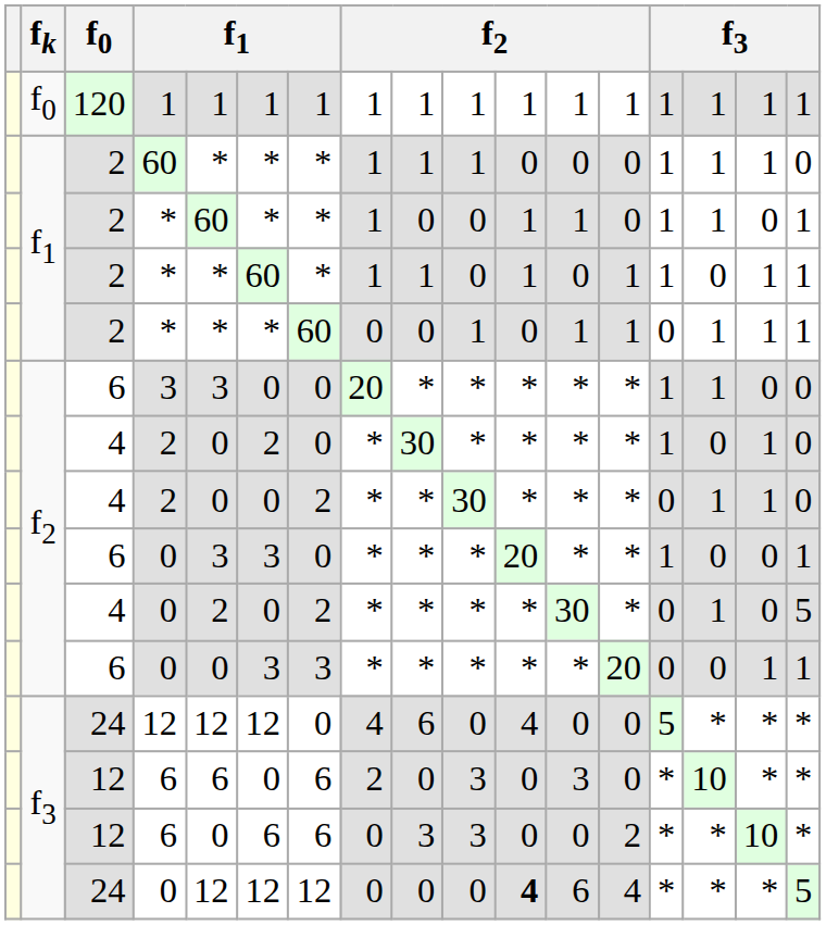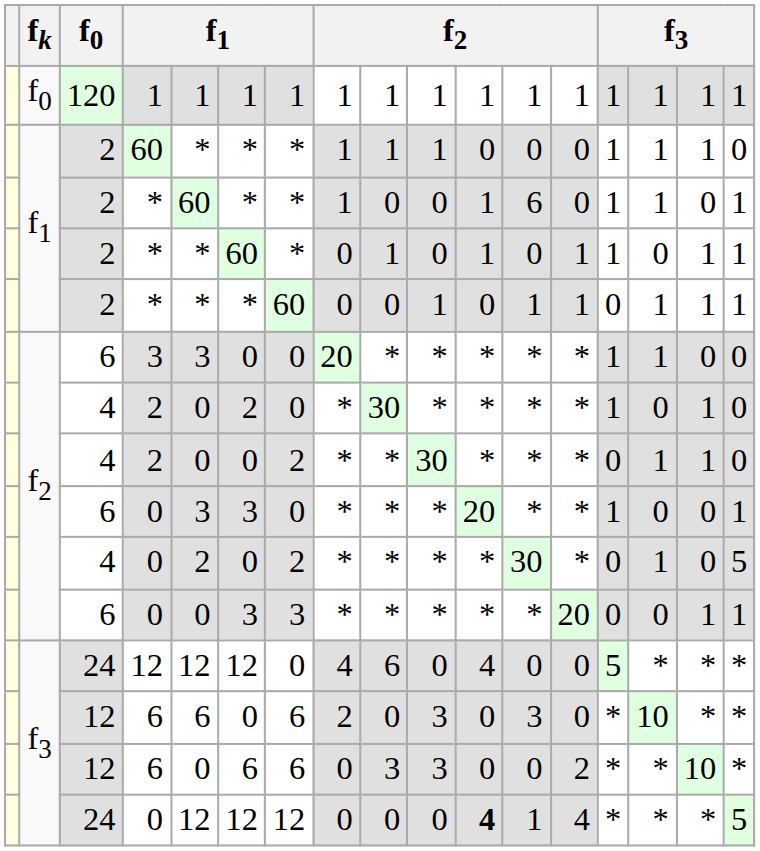 <table class=wikitable>
 <tr>
 <th></th>
 <th>f<sub><em>k</em></sub></th>
 <th>f<sub>0</sub></th>
 <th colspan=4>f<sub>1</sub></th>
 <th colspan=6>f<sub>2</sub></th>
 <th colspan=4>f<sub>3</sub></th>
 </tr>
 <tr align=right>
 <td align=left bgcolor=#ffffe0></td>
 <td rowspan=1>f<sub>0</sub></td>
 <td bgcolor=#e0ffe0>120</td>
 <td bgcolor=#e0e0e0>1</td>
 <td bgcolor=#e0e0e0>1</td>
 <td bgcolor=#e0e0e0>1</td>
 <td bgcolor=#e0e0e0>1</td>
 <td bgcolor=#ffffff>1</td>
 <td bgcolor=#ffffff>1</td>
 <td bgcolor=#ffffff>1</td>
 <td bgcolor=#ffffff>1</td>
 <td bgcolor=#ffffff>1</td>
 <td bgcolor=#ffffff>1</td>
 <td bgcolor=#e0e0e0>1</td>
 <td bgcolor=#e0e0e0>1</td>
 <td bgcolor=#e0e0e0>1</td>
 <td bgcolor=#e0e0e0>1</td>
 </tr>
 <tr align=right>
 <td align=left bgcolor=#ffffe0></td>
 <td rowspan=4>f<sub>1</sub></td>
 <td bgcolor=#e0e0e0>2</td>
 <td bgcolor=#e0ffe0>60</td>
 <td bgcolor=#ffffff>*</td>
 <td bgcolor=#ffffff>*</td>
 <td bgcolor=#ffffff>*</td>
 <td bgcolor=#e0e0e0>1</td>
 <td bgcolor=#e0e0e0>1</td>
 <td bgcolor=#e0e0e0>1</td>
 <td bgcolor=#e0e0e0>0</td>
 <td bgcolor=#e0e0e0>0</td>
 <td bgcolor=#e0e0e0>0</td>
 <td bgcolor=#ffffff>1</td>
 <td bgcolor=#ffffff>1</td>
 <td bgcolor=#ffffff>1</td>
 <td bgcolor=#ffffff>0</td>
 </tr>
 <tr align=right>
 <td align=left bgcolor=#ffffe0></td>
 <td bgcolor=#e0e0e0>2</td>
 <td bgcolor=#ffffff>*</td>
 <td bgcolor=#e0ffe0>60</td>
 <td bgcolor=#ffffff>*</td>
 <td bgcolor=#ffffff>*</td>
 <td bgcolor=#e0e0e0>1</td>
 <td bgcolor=#e0e0e0>0</td>
 <td bgcolor=#e0e0e0>0</td>
 <td bgcolor=#e0e0e0>1</td>
-<td bgcolor=#e0e0e0>1</td>
+<td bgcolor=#e0e0e0>6</td>
 <td bgcolor=#e0e0e0>0</td>
 <td bgcolor=#ffffff>1</td>
 <td bgcolor=#ffffff>1</td>
 <td bgcolor=#ffffff>0</td>
 <td bgcolor=#ffffff>1</td>
 </tr>
 <tr align=right>
 <td align=left bgcolor=#ffffe0></td>
 <td bgcolor=#e0e0e0>2</td>
 <td bgcolor=#ffffff>*</td>
 <td bgcolor=#ffffff>*</td>
 <td bgcolor=#e0ffe0>60</td>
 <td bgcolor=#ffffff>*</td>
-<td bgcolor=#e0e0e0>1</td>
+<td bgcolor=#e0e0e0>0</td>
 <td bgcolor=#e0e0e0>1</td>
 <td bgcolor=#e0e0e0>0</td>
 <td bgcolor=#e0e0e0>1</td>
 <td bgcolor=#e0e0e0>0</td>
 <td bgcolor=#e0e0e0>1</td>
 <td bgcolor=#ffffff>1</td>
 <td bgcolor=#ffffff>0</td>
 <td bgcolor=#ffffff>1</td>
 <td bgcolor=#ffffff>1</td>
 </tr>
 <tr align=right>
 <td align=left bgcolor=#ffffe0></td>
 <td bgcolor=#e0e0e0>2</td>
 <td bgcolor=#ffffff>*</td>
 <td bgcolor=#ffffff>*</td>
 <td bgcolor=#ffffff>*</td>
 <td bgcolor=#e0ffe0>60</td>
 <td bgcolor=#e0e0e0>0</td>
 <td bgcolor=#e0e0e0>0</td>
 <td bgcolor=#e0e0e0>1</td>
 <td bgcolor=#e0e0e0>0</td>
 <td bgcolor=#e0e0e0>1</td>
 <td bgcolor=#e0e0e0>1</td>
 <td bgcolor=#ffffff>0</td>
 <td bgcolor=#ffffff>1</td>
 <td bgcolor=#ffffff>1</td>
 <td bgcolor=#ffffff>1</td>
 </tr>
 <tr align=right>
 <td align=left bgcolor=#ffffe0></td>
 <td rowspan=6>f<sub>2</sub></td>
 <td bgcolor=#ffffff>6</td>
 <td bgcolor=#e0e0e0>3</td>
 <td bgcolor=#e0e0e0>3</td>
 <td bgcolor=#e0e0e0>0</td>
 <td bgcolor=#e0e0e0>0</td>
 <td bgcolor=#e0ffe0>20</td>
 <td bgcolor=#ffffff>*</td>
 <td bgcolor=#ffffff>*</td>
 <td bgcolor=#ffffff>*</td>
 <td bgcolor=#ffffff>*</td>
 <td bgcolor=#ffffff>*</td>
 <td bgcolor=#e0e0e0>1</td>
 <td bgcolor=#e0e0e0>1</td>
 <td bgcolor=#e0e0e0>0</td>
 <td bgcolor=#e0e0e0>0</td>
 </tr>
 <tr align=right>
 <td align=left bgcolor=#ffffe0></td>
 <td bgcolor=#ffffff>4</td>
 <td bgcolor=#e0e0e0>2</td>
 <td bgcolor=#e0e0e0>0</td>
 <td bgcolor=#e0e0e0>2</td>
 <td bgcolor=#e0e0e0>0</td>
 <td bgcolor=#ffffff>*</td>
 <td bgcolor=#e0ffe0>30</td>
 <td bgcolor=#ffffff>*</td>
 <td bgcolor=#ffffff>*</td>
 <td bgcolor=#ffffff>*</td>
 <td bgcolor=#ffffff>*</td>
 <td bgcolor=#e0e0e0>1</td>
 <td bgcolor=#e0e0e0>0</td>
 <td bgcolor=#e0e0e0>1</td>
 <td bgcolor=#e0e0e0>0</td>
 </tr>
 <tr align=right>
 <td align=left bgcolor=#ffffe0></td>
 <td bgcolor=#ffffff>4</td>
 <td bgcolor=#e0e0e0>2</td>
 <td bgcolor=#e0e0e0>0</td>
 <td bgcolor=#e0e0e0>0</td>
 <td bgcolor=#e0e0e0>2</td>
 <td bgcolor=#ffffff>*</td>
 <td bgcolor=#ffffff>*</td>
 <td bgcolor=#e0ffe0>30</td>
 <td bgcolor=#ffffff>*</td>
 <td bgcolor=#ffffff>*</td>
 <td bgcolor=#ffffff>*</td>
 <td bgcolor=#e0e0e0>0</td>
 <td bgcolor=#e0e0e0>1</td>
 <td bgcolor=#e0e0e0>1</td>
 <td bgcolor=#e0e0e0>0</td>
 </tr>
 <tr align=right>
 <td align=left bgcolor=#ffffe0></td>
 <td bgcolor=#ffffff>6</td>
 <td bgcolor=#e0e0e0>0</td>
 <td bgcolor=#e0e0e0>3</td>
 <td bgcolor=#e0e0e0>3</td>
 <td bgcolor=#e0e0e0>0</td>
 <td bgcolor=#ffffff>*</td>
 <td bgcolor=#ffffff>*</td>
 <td bgcolor=#ffffff>*</td>
 <td bgcolor=#e0ffe0>20</td>
 <td bgcolor=#ffffff>*</td>
 <td bgcolor=#ffffff>*</td>
 <td bgcolor=#e0e0e0>1</td>
 <td bgcolor=#e0e0e0>0</td>
 <td bgcolor=#e0e0e0>0</td>
 <td bgcolor=#e0e0e0>1</td>
 </tr>
 <tr align=right>
 <td align=left bgcolor=#ffffe0></td>
 <td bgcolor=#ffffff>4</td>
 <td bgcolor=#e0e0e0>0</td>
 <td bgcolor=#e0e0e0>2</td>
 <td bgcolor=#e0e0e0>0</td>
 <td bgcolor=#e0e0e0>2</td>
 <td bgcolor=#ffffff>*</td>
 <td bgcolor=#ffffff>*</td>
 <td bgcolor=#ffffff>*</td>
 <td bgcolor=#ffffff>*</td>
 <td bgcolor=#e0ffe0>30</td>
 <td bgcolor=#ffffff>*</td>
 <td bgcolor=#e0e0e0>0</td>
 <td bgcolor=#e0e0e0>1</td>
 <td bgcolor=#e0e0e0>0</td>
 <td bgcolor=#e0e0e0>5</td>
 </tr>
 <tr align=right>
 <td align=left bgcolor=#ffffe0></td>
 <td bgcolor=#ffffff>6</td>
 <td bgcolor=#e0e0e0>0</td>
 <td bgcolor=#e0e0e0>0</td>
 <td bgcolor=#e0e0e0>3</td>
 <td bgcolor=#e0e0e0>3</td>
 <td bgcolor=#ffffff>*</td>
 <td bgcolor=#ffffff>*</td>
 <td bgcolor=#ffffff>*</td>
 <td bgcolor=#ffffff>*</td>
 <td bgcolor=#ffffff>*</td>
 <td bgcolor=#e0ffe0>20</td>
 <td bgcolor=#e0e0e0>0</td>
 <td bgcolor=#e0e0e0>0</td>
 <td bgcolor=#e0e0e0>1</td>
 <td bgcolor=#e0e0e0>1</td>
 </tr>
 <tr align=right>
 <td align=left bgcolor=#ffffe0></td>
 <td rowspan=4>f<sub>3</sub></td>
 <td bgcolor=#e0e0e0>24</td>
 <td bgcolor=#ffffff>12</td>
 <td bgcolor=#ffffff>12</td>
 <td bgcolor=#ffffff>12</td>
 <td bgcolor=#ffffff>0</td>
 <td bgcolor=#e0e0e0>4</td>
 <td bgcolor=#e0e0e0>6</td>
 <td bgcolor=#e0e0e0>0</td>
 <td bgcolor=#e0e0e0>4</td>
 <td bgcolor=#e0e0e0>0</td>
 <td bgcolor=#e0e0e0>0</td>
 <td bgcolor=#e0ffe0>5</td>
 <td bgcolor=#ffffff>*</td>
 <td bgcolor=#ffffff>*</td>
 <td bgcolor=#ffffff>*</td>
 </tr>
 <tr align=right>
 <td align=left bgcolor=#ffffe0></td>
 <td bgcolor=#e0e0e0>12</td>
 <td bgcolor=#ffffff>6</td>
 <td bgcolor=#ffffff>6</td>
 <td bgcolor=#ffffff>0</td>
 <td bgcolor=#ffffff>6</td>
 <td bgcolor=#e0e0e0>2</td>
 <td bgcolor=#e0e0e0>0</td>
 <td bgcolor=#e0e0e0>3</td>
 <td bgcolor=#e0e0e0>0</td>
 <td bgcolor=#e0e0e0>3</td>
 <td bgcolor=#e0e0e0>0</td>
 <td bgcolor=#ffffff>*</td>
 <td bgcolor=#e0ffe0>10</td>
 <td bgcolor=#ffffff>*</td>
 <td bgcolor=#ffffff>*</td>
 </tr>
 <tr align=right>
 <td align=left bgcolor=#ffffe0></td>
 <td bgcolor=#e0e0e0>12</td>
 <td bgcolor=#ffffff>6</td>
 <td bgcolor=#ffffff>0</td>
 <td bgcolor=#ffffff>6</td>
 <td bgcolor=#ffffff>6</td>
 <td bgcolor=#e0e0e0>0</td>
 <td bgcolor=#e0e0e0>3</td>
 <td bgcolor=#e0e0e0>3</td>
 <td bgcolor=#e0e0e0>0</td>
 <td bgcolor=#e0e0e0>0</td>
 <td bgcolor=#e0e0e0>2</td>
 <td bgcolor=#ffffff>*</td>
 <td bgcolor=#ffffff>*</td>
 <td bgcolor=#e0ffe0>10</td>
 <td bgcolor=#ffffff>*</td>
 </tr>
 <tr align=right>
 <td align=left bgcolor=#ffffe0></td>
 <td bgcolor=#e0e0e0>24</td>
 <td bgcolor=#ffffff>0</td>
 <td bgcolor=#ffffff>12</td>
 <td bgcolor=#ffffff>12</td>
 <td bgcolor=#ffffff>12</td>
 <td bgcolor=#e0e0e0>0</td>
 <td bgcolor=#e0e0e0>0</td>
 <td bgcolor=#e0e0e0>0</td>
 <td bgcolor=#e0e0e0><strong>4</strong></td>
-<td bgcolor=#e0e0e0>6</td>
+<td bgcolor=#e0e0e0>1</td>
 <td bgcolor=#e0e0e0>4</td>
 <td bgcolor=#ffffff>*</td>
 <td bgcolor=#ffffff>*</td>
 <td bgcolor=#ffffff>*</td>
 <td bgcolor=#e0ffe0>5</td>
 </tr>
 </table>
